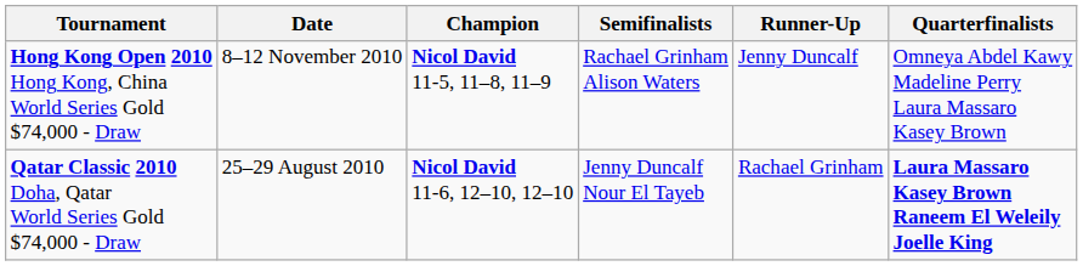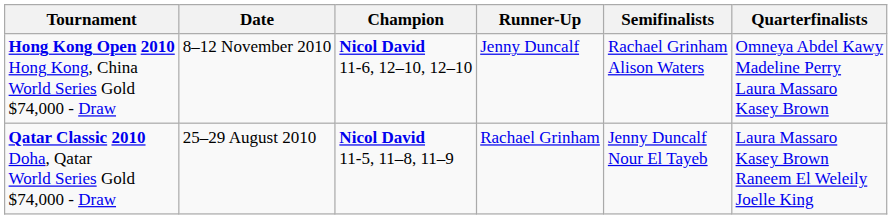 <table class="wikitable" style="font-size:88%">
 <tr>
 <th>Tournament</th>
 <th>Date</th>
 <th>Champion</th>
+<th>Runner-Up</th>
 <th>Semifinalists</th>
-<th>Runner-Up</th>
 <th>Quarterfinalists</th>
 </tr>
 <tr valign=top>
 <td><strong><a href='#'>Hong Kong Open</a> <a href='#'>2010</a></strong><br> <a href='#'>Hong Kong</a>, China<br><a href='#'>World Series</a> Gold<br>$74,000 - <a href='#'>Draw</a></td>
 <td>8–12 November 2010</td>
-<td> <strong><a href='#'>Nicol David</a></strong><br>11-5, 11–8, 11–9</td>
+<td> <strong><a href='#'>Nicol David</a></strong><br>11-6, 12–10, 12–10</td>
+<td> <a href='#'>Jenny Duncalf</a></td>
 <td> <a href='#'>Rachael Grinham</a><br> <a href='#'>Alison Waters</a></td>
-<td> <a href='#'>Jenny Duncalf</a></td>
 <td> <a href='#'>Omneya Abdel Kawy</a><br> <a href='#'>Madeline Perry</a><br> <a href='#'>Laura Massaro</a><br> <a href='#'>Kasey Brown</a></td>
 </tr>
 <tr valign=top>
 <td><strong><a href='#'>Qatar Classic</a> <a href='#'>2010</a></strong><br> <a href='#'>Doha</a>, Qatar<br><a href='#'>World Series</a> Gold<br>$74,000 - <a href='#'>Draw</a></td>
 <td>25–29 August 2010</td>
-<td> <strong><a href='#'>Nicol David</a></strong><br>11-6, 12–10, 12–10</td>
+<td> <strong><a href='#'>Nicol David</a></strong><br>11-5, 11–8, 11–9</td>
+<td> <a href='#'>Rachael Grinham</a></td>
 <td> <a href='#'>Jenny Duncalf</a><br> <a href='#'>Nour El Tayeb</a></td>
-<td> <a href='#'>Rachael Grinham</a></td>
-<td><strong> <a href='#'>Laura Massaro</a><br> <a href='#'>Kasey Brown</a><br> <a href='#'>Raneem El Weleily</a><br> <a href='#'>Joelle King</a></strong></td>
+<td> <a href='#'>Laura Massaro</a><br> <a href='#'>Kasey Brown</a><br> <a href='#'>Raneem El Weleily</a><br> <a href='#'>Joelle King</a></td>
 </tr>
 </table>
